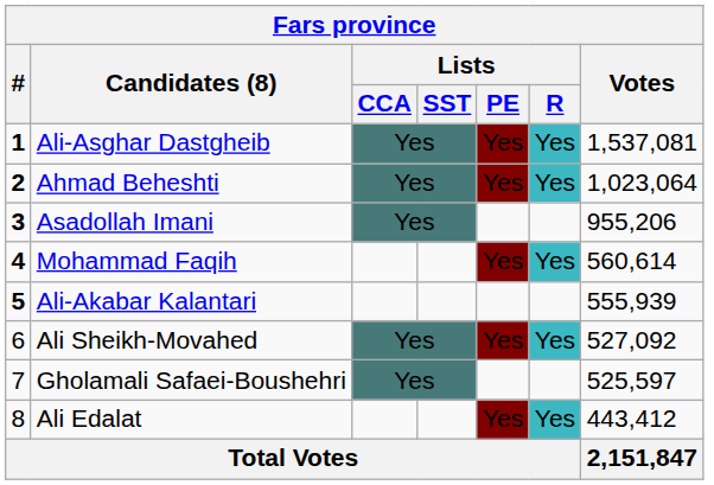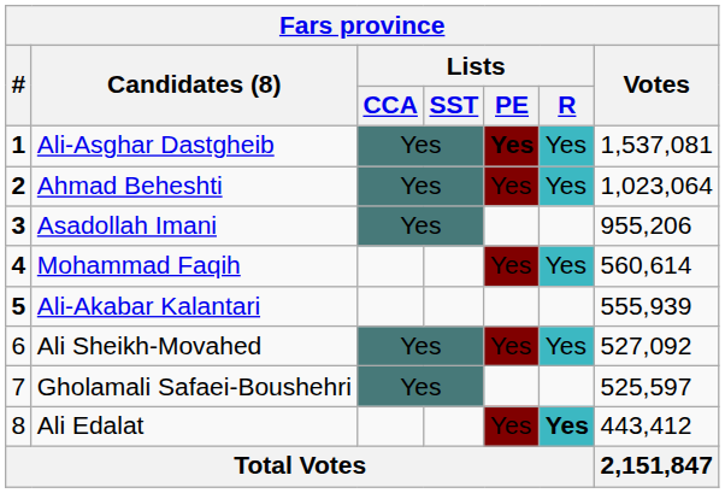 <table class=wikitable style=text-align:left>
 <tr>
 <th colspan="7" align=center><a href='#'>Fars province</a></th>
 </tr>
 <tr>
 <th rowspan="2">#</th>
 <th rowspan="2">Candidates (8)</th>
 <th colspan="4">Lists</th>
 <th rowspan="2">Votes</th>
 </tr>
 <tr>
 <th><a href='#'>CCA</a></th>
 <th><a href='#'>SST</a></th>
 <th><a href='#'>PE</a></th>
 <th><a href='#'>R</a></th>
 </tr>
 <tr>
 <td><strong>1</strong></td>
 <td><a href='#'>Ali-Asghar Dastgheib</a></td>
 <td colspan="2" align=center style="background:#477979;"><span>Yes</span></td>
-<td style="background:#800000;"><span>Yes</span></td>
+<td style="background:#800000;"><strong><span>Yes</span></strong></td>
 <td style="background:#3cb8c2;"><span>Yes</span></td>
 <td>1,537,081</td>
 </tr>
 <tr>
 <td><strong>2</strong></td>
 <td><a href='#'>Ahmad Beheshti</a></td>
 <td colspan="2" align=center style="background:#477979;"><span>Yes</span></td>
 <td style="background:#800000;"><span>Yes</span></td>
 <td style="background:#3cb8c2;"><span>Yes</span></td>
 <td>1,023,064</td>
 </tr>
 <tr>
 <td><strong>3</strong></td>
 <td><a href='#'>Asadollah Imani</a></td>
 <td colspan="2" align=center style="background:#477979;"><span>Yes</span></td>
 <td></td>
 <td></td>
 <td>955,206</td>
 </tr>
 <tr>
 <td><strong>4</strong></td>
 <td><a href='#'>Mohammad Faqih</a></td>
 <td></td>
 <td></td>
 <td style="background:#800000;"><span>Yes</span></td>
 <td style="background:#3cb8c2;"><span>Yes</span></td>
 <td>560,614</td>
 </tr>
 <tr>
 <td><strong>5</strong></td>
 <td><a href='#'>Ali-Akabar Kalantari</a></td>
 <td></td>
 <td></td>
 <td></td>
 <td></td>
 <td>555,939</td>
 </tr>
 <tr>
 <td>6</td>
 <td>Ali Sheikh-Movahed</td>
 <td colspan="2" align=center style="background:#477979;"><span>Yes</span></td>
 <td style="background:#800000;"><span>Yes</span></td>
 <td style="background:#3cb8c2;"><span>Yes</span></td>
 <td>527,092</td>
 </tr>
 <tr>
 <td>7</td>
 <td>Gholamali Safaei-Boushehri</td>
 <td colspan="2" align=center style="background:#477979;"><span>Yes</span></td>
 <td></td>
 <td></td>
 <td>525,597</td>
 </tr>
 <tr>
 <td>8</td>
 <td>Ali Edalat</td>
 <td></td>
 <td></td>
 <td style="background:#800000;"><span>Yes</span></td>
-<td style="background:#3cb8c2;"><span>Yes</span></td>
+<td style="background:#3cb8c2;"><strong><span>Yes</span></strong></td>
 <td>443,412</td>
 </tr>
 <tr>
 <th colspan="6">Total Votes</th>
 <th colspan="2">2,151,847</th>
 </tr>
 </table>
